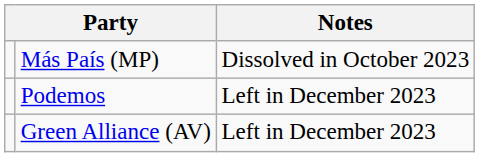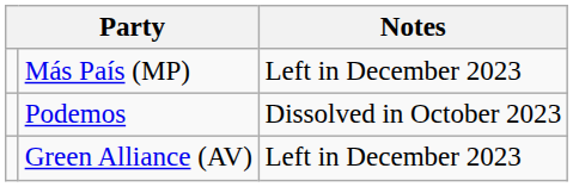 <table class="wikitable" style="text-align:left;">
 <tr>
 <th colspan="3">Party</th>
 <th>Notes</th>
 </tr>
 <tr>
 <td></td>
 <td colspan="2"><a href='#'>Más País</a> (MP)</td>
-<td>Dissolved in October 2023</td>
+<td>Left in December 2023</td>
 </tr>
 <tr>
 <td></td>
 <td colspan="2"><a href='#'>Podemos</a></td>
-<td>Left in December 2023</td>
+<td>Dissolved in October 2023</td>
 </tr>
 <tr>
 <td></td>
 <td colspan="2"><a href='#'>Green Alliance</a> (AV)</td>
 <td>Left in December 2023</td>
 </tr>
 </table>
